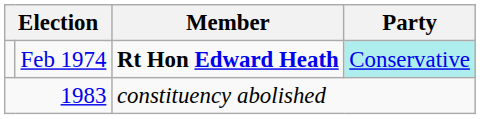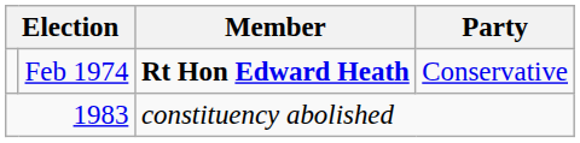 <table class="wikitable">
 <tr>
 <th colspan="2">Election</th>
 <th>Member</th>
 <th>Party</th>
 </tr>
 <tr>
 <td style="color:inherit;background-color: "></td>
 <td><a href='#'>Feb 1974</a></td>
 <td><strong>Rt Hon <a href='#'>Edward Heath</a></strong></td>
-<td style="background: paleturquoise;"><a href='#'>Conservative</a></td>
+<td><a href='#'>Conservative</a></td>
 </tr>
 <tr>
 <td colspan="2" align="right"><a href='#'>1983</a></td>
 <td colspan="2"><em>constituency abolished</em></td>
 </tr>
 </table>
